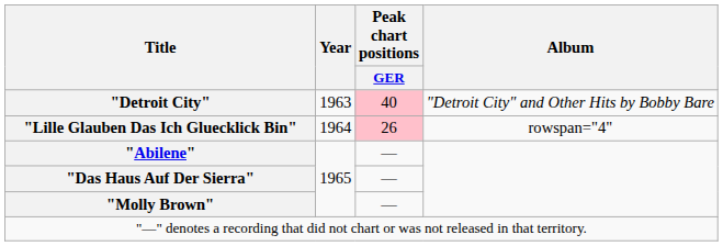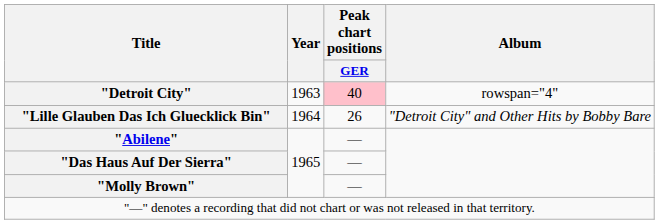 <table class="wikitable plainrowheaders" style="text-align:center;">
 <tr>
 <th scope="col" rowspan="2" style="width:19em;">Title</th>
 <th scope="col" rowspan="2">Year</th>
 <th scope="col" colspan="1">Peak<br>chart<br>positions</th>
 <th scope="col" rowspan="2">Album</th>
 </tr>
 <tr>
 <th scope="col" style="width:3em;font-size:90%;"><a href='#'>GER</a><br></th>
 </tr>
 <tr>
 <th scope="row">"Detroit City" </th>
 <td>1963</td>
 <td style="background: pink;">40</td>
-<td><em>"Detroit City" and Other Hits by Bobby Bare</em></td>
+<td>rowspan="4" </td>
 </tr>
 <tr>
 <th scope="row">"Lille Glauben Das Ich Gluecklick Bin"</th>
 <td>1964</td>
-<td style="background: pink;">26</td>
-<td>rowspan="4" </td>
+<td>26</td>
+<td><em>"Detroit City" and Other Hits by Bobby Bare</em></td>
 </tr>
 <tr>
 <th scope="row">"<a href='#'>Abilene</a>"</th>
 <td rowspan="3">1965</td>
 <td>—</td>
 </tr>
 <tr>
 <th scope="row">"Das Haus Auf Der Sierra"</th>
 <td>—</td>
 </tr>
 <tr>
 <th scope="row">"Molly Brown"</th>
 <td>—</td>
 </tr>
 <tr>
 <td colspan="4" style="font-size:90%">"—" denotes a recording that did not chart or was not released in that territory.</td>
 </tr>
 </table>
